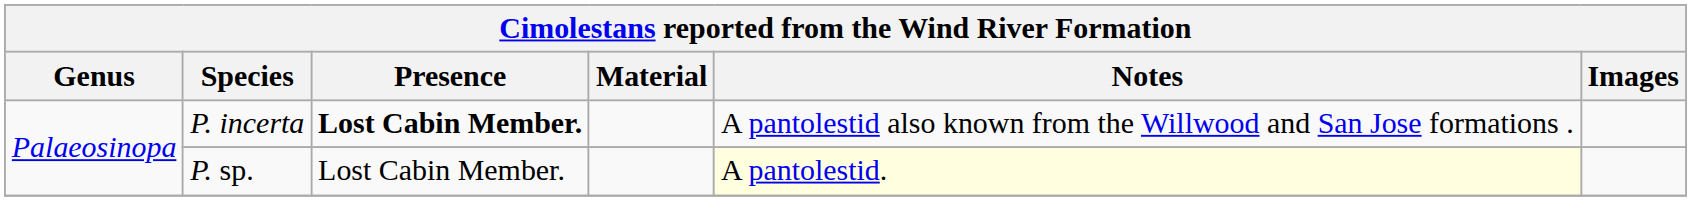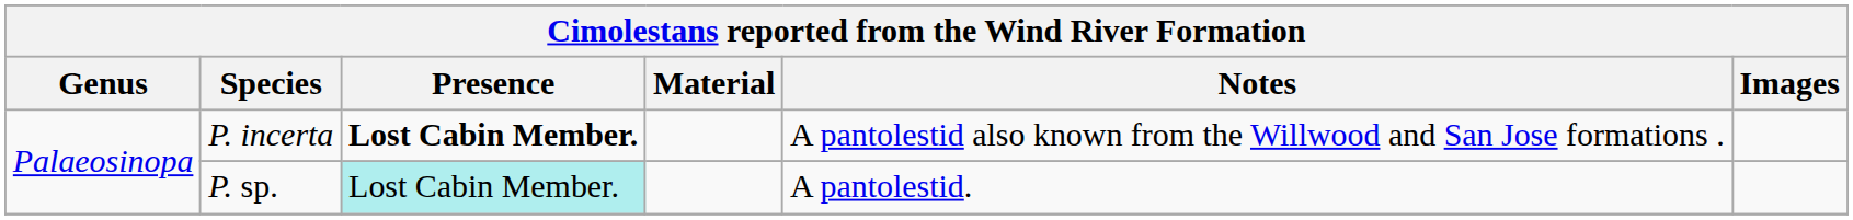 <table class="wikitable" align="center">
 <tr>
 <th colspan="6" align="center"><strong><a href='#'>Cimolestans</a> reported from the Wind River Formation</strong></th>
 </tr>
 <tr>
 <th>Genus</th>
 <th>Species</th>
 <th>Presence</th>
 <th><strong>Material</strong></th>
 <th>Notes</th>
 <th>Images</th>
 </tr>
 <tr>
 <td rowspan=2><em><a href='#'>Palaeosinopa</a></em></td>
 <td><em>P. incerta</em></td>
 <td><strong>Lost Cabin Member.</strong></td>
 <td></td>
 <td>A <a href='#'>pantolestid</a> also known from the <a href='#'>Willwood</a> and <a href='#'>San Jose</a> formations .</td>
 <td></td>
 </tr>
 <tr>
 <td><em>P.</em> sp.</td>
-<td>Lost Cabin Member.</td>
+<td style="background: paleturquoise;">Lost Cabin Member.</td>
 <td></td>
-<td style="background: lightyellow;">A <a href='#'>pantolestid</a>.</td>
+<td>A <a href='#'>pantolestid</a>.</td>
 <td></td>
 </tr>
 <tr>
 </tr>
 </table>
